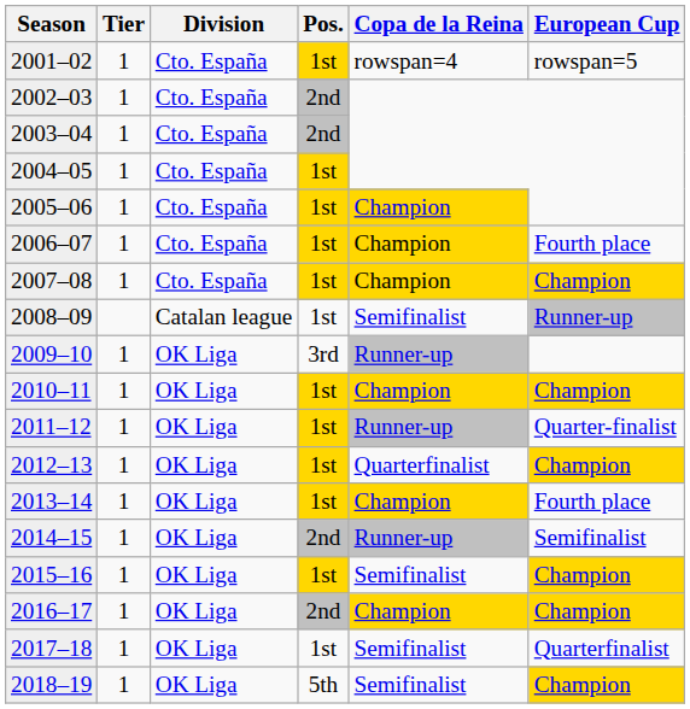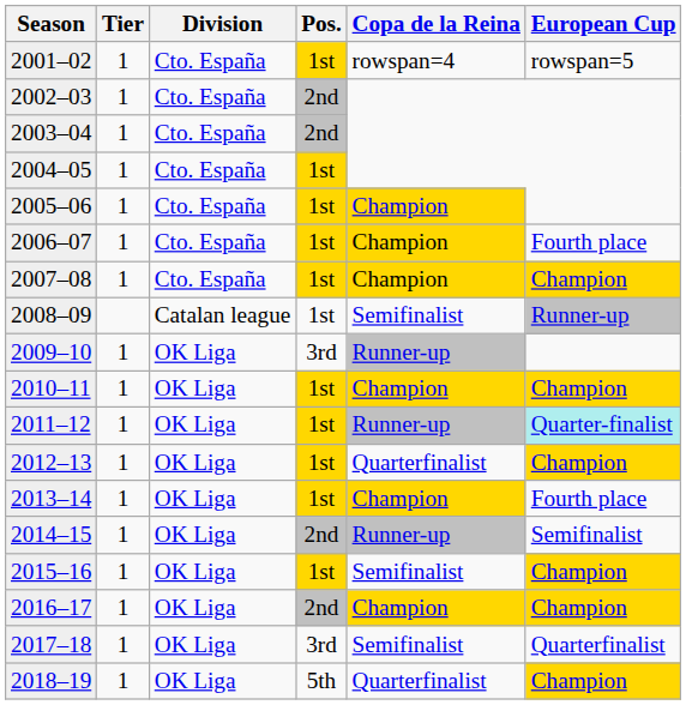 <table class="wikitable">
 <tr>
 <th>Season</th>
 <th>Tier</th>
 <th>Division</th>
 <th>Pos.</th>
 <th><a href='#'>Copa de la Reina</a></th>
 <th><a href='#'>European Cup</a></th>
 </tr>
 <tr>
 <td style="background:#efefef;">2001–02</td>
 <td align="center">1</td>
 <td><a href='#'>Cto. España</a></td>
 <td align="center" bgcolor=gold>1st</td>
 <td>rowspan=4 </td>
 <td>rowspan=5 </td>
 </tr>
 <tr>
 <td style="background:#efefef;">2002–03</td>
 <td align="center">1</td>
 <td><a href='#'>Cto. España</a></td>
 <td align="center" bgcolor=silver>2nd</td>
 </tr>
 <tr>
 <td style="background:#efefef;">2003–04</td>
 <td align="center">1</td>
 <td><a href='#'>Cto. España</a></td>
 <td align="center" bgcolor=silver>2nd</td>
 </tr>
 <tr>
 <td style="background:#efefef;">2004–05</td>
 <td align="center">1</td>
 <td><a href='#'>Cto. España</a></td>
 <td align="center" bgcolor=gold>1st</td>
 </tr>
 <tr>
 <td style="background:#efefef;">2005–06</td>
 <td align="center">1</td>
 <td><a href='#'>Cto. España</a></td>
 <td align="center" bgcolor=gold>1st</td>
 <td bgcolor=gold><a href='#'>Champion</a></td>
 </tr>
 <tr>
 <td style="background:#efefef;">2006–07</td>
 <td align="center">1</td>
 <td><a href='#'>Cto. España</a></td>
 <td align="center" bgcolor=gold>1st</td>
 <td bgcolor=gold>Champion</td>
 <td><a href='#'>Fourth place</a></td>
 </tr>
 <tr>
 <td style="background:#efefef;">2007–08</td>
 <td align="center">1</td>
 <td><a href='#'>Cto. España</a></td>
 <td align="center" bgcolor=gold>1st</td>
 <td bgcolor=gold>Champion</td>
 <td bgcolor=gold><a href='#'>Champion</a></td>
 </tr>
 <tr>
 <td style="background:#efefef;">2008–09</td>
 <td align="center"></td>
 <td>Catalan league</td>
 <td align="center">1st</td>
 <td><a href='#'>Semifinalist</a></td>
 <td bgcolor=silver><a href='#'>Runner-up</a></td>
 </tr>
 <tr>
 <td style="background:#efefef;"><a href='#'>2009–10</a></td>
 <td align="center">1</td>
 <td><a href='#'>OK Liga</a></td>
 <td align="center">3rd</td>
 <td bgcolor=silver><a href='#'>Runner-up</a></td>
 <td></td>
 </tr>
 <tr>
 <td style="background:#efefef;"><a href='#'>2010–11</a></td>
 <td align="center">1</td>
 <td><a href='#'>OK Liga</a></td>
 <td align="center" bgcolor=gold>1st</td>
 <td bgcolor=gold><a href='#'>Champion</a></td>
 <td bgcolor=gold><a href='#'>Champion</a></td>
 </tr>
 <tr>
 <td style="background:#efefef;"><a href='#'>2011–12</a></td>
 <td align="center">1</td>
 <td><a href='#'>OK Liga</a></td>
 <td align="center" bgcolor=gold>1st</td>
 <td bgcolor=silver><a href='#'>Runner-up</a></td>
-<td><a href='#'>Quarter-finalist</a></td>
+<td style="background: paleturquoise;"><a href='#'>Quarter-finalist</a></td>
 </tr>
 <tr>
 <td style="background:#efefef;"><a href='#'>2012–13</a></td>
 <td align="center">1</td>
 <td><a href='#'>OK Liga</a></td>
 <td align="center" bgcolor=gold>1st</td>
 <td><a href='#'>Quarterfinalist</a></td>
 <td bgcolor=gold><a href='#'>Champion</a></td>
 </tr>
 <tr>
 <td style="background:#efefef;"><a href='#'>2013–14</a></td>
 <td align="center">1</td>
 <td><a href='#'>OK Liga</a></td>
 <td align="center" bgcolor=gold>1st</td>
 <td bgcolor=gold><a href='#'>Champion</a></td>
 <td><a href='#'>Fourth place</a></td>
 </tr>
 <tr>
 <td style="background:#efefef;"><a href='#'>2014–15</a></td>
 <td align="center">1</td>
 <td><a href='#'>OK Liga</a></td>
 <td align="center" bgcolor=silver>2nd</td>
 <td bgcolor=silver><a href='#'>Runner-up</a></td>
 <td><a href='#'>Semifinalist</a></td>
 </tr>
 <tr>
 <td style="background:#efefef;"><a href='#'>2015–16</a></td>
 <td align="center">1</td>
 <td><a href='#'>OK Liga</a></td>
 <td align="center" bgcolor=gold>1st</td>
 <td><a href='#'>Semifinalist</a></td>
 <td bgcolor=gold><a href='#'>Champion</a></td>
 </tr>
 <tr>
 <td style="background:#efefef;"><a href='#'>2016–17</a></td>
 <td align="center">1</td>
 <td><a href='#'>OK Liga</a></td>
 <td align="center" bgcolor=silver>2nd</td>
 <td bgcolor=gold><a href='#'>Champion</a></td>
 <td bgcolor=gold><a href='#'>Champion</a></td>
 </tr>
 <tr>
 <td style="background:#efefef;"><a href='#'>2017–18</a></td>
 <td align="center">1</td>
 <td><a href='#'>OK Liga</a></td>
-<td align="center">1st</td>
+<td align="center">3rd</td>
 <td><a href='#'>Semifinalist</a></td>
 <td><a href='#'>Quarterfinalist</a></td>
 </tr>
 <tr>
 <td style="background:#efefef;"><a href='#'>2018–19</a></td>
 <td align="center">1</td>
 <td><a href='#'>OK Liga</a></td>
 <td align="center">5th</td>
-<td><a href='#'>Semifinalist</a></td>
+<td><a href='#'>Quarterfinalist</a></td>
 <td bgcolor=gold><a href='#'>Champion</a></td>
 </tr>
 </table>
